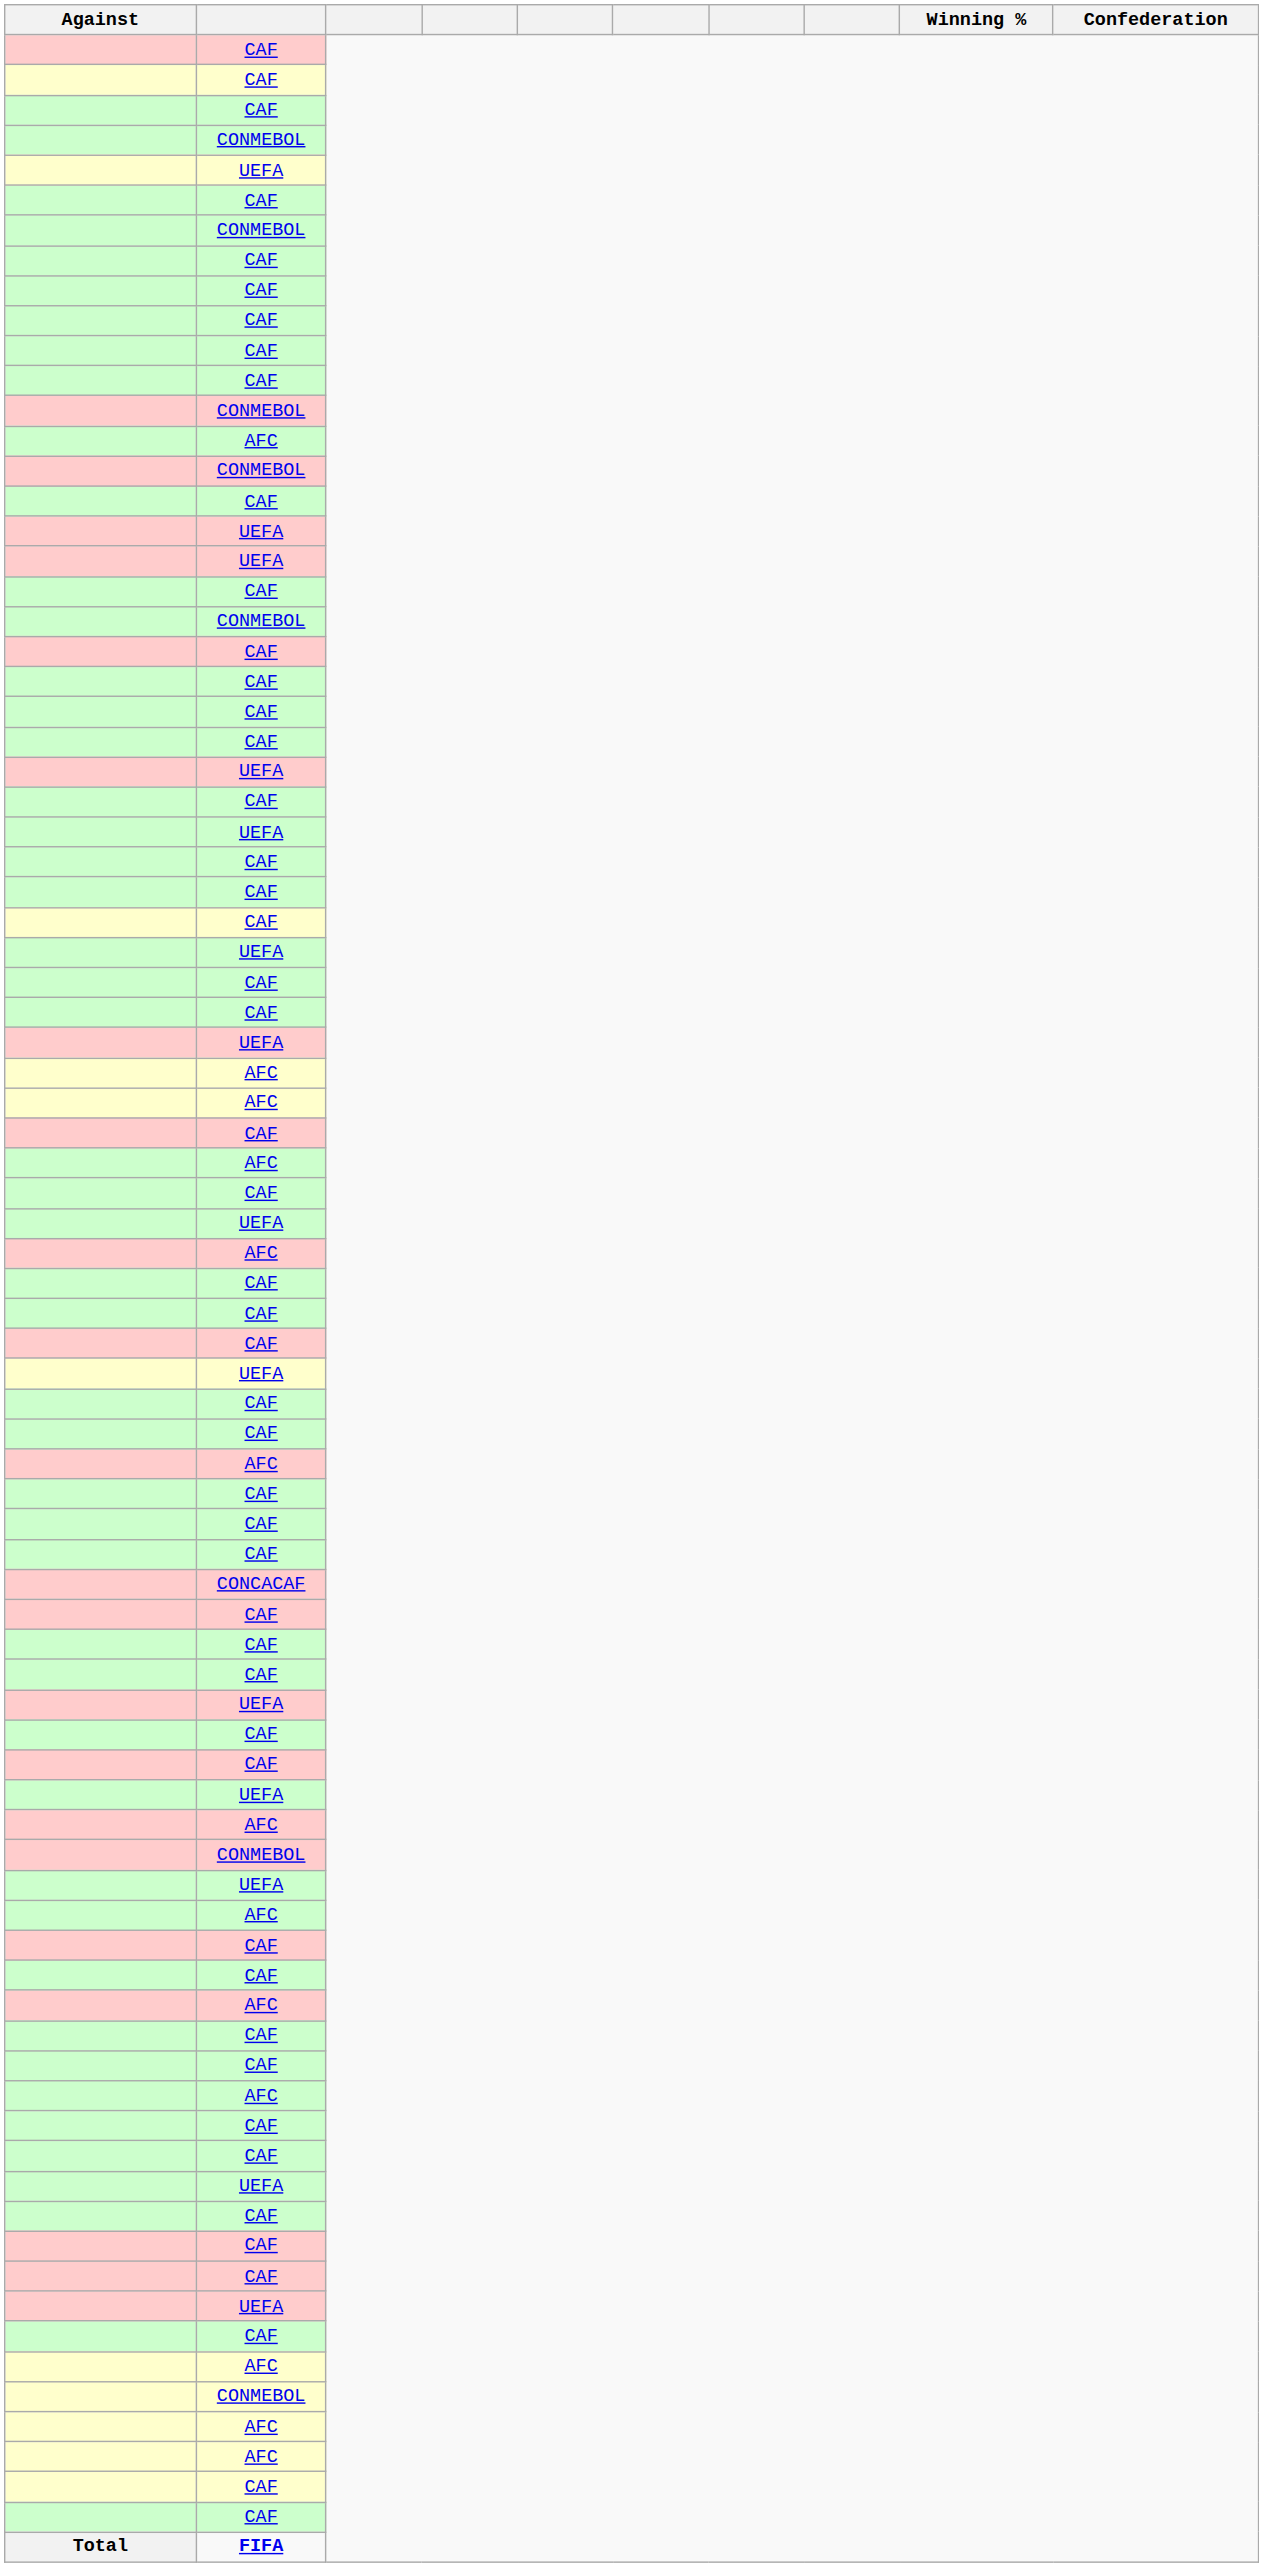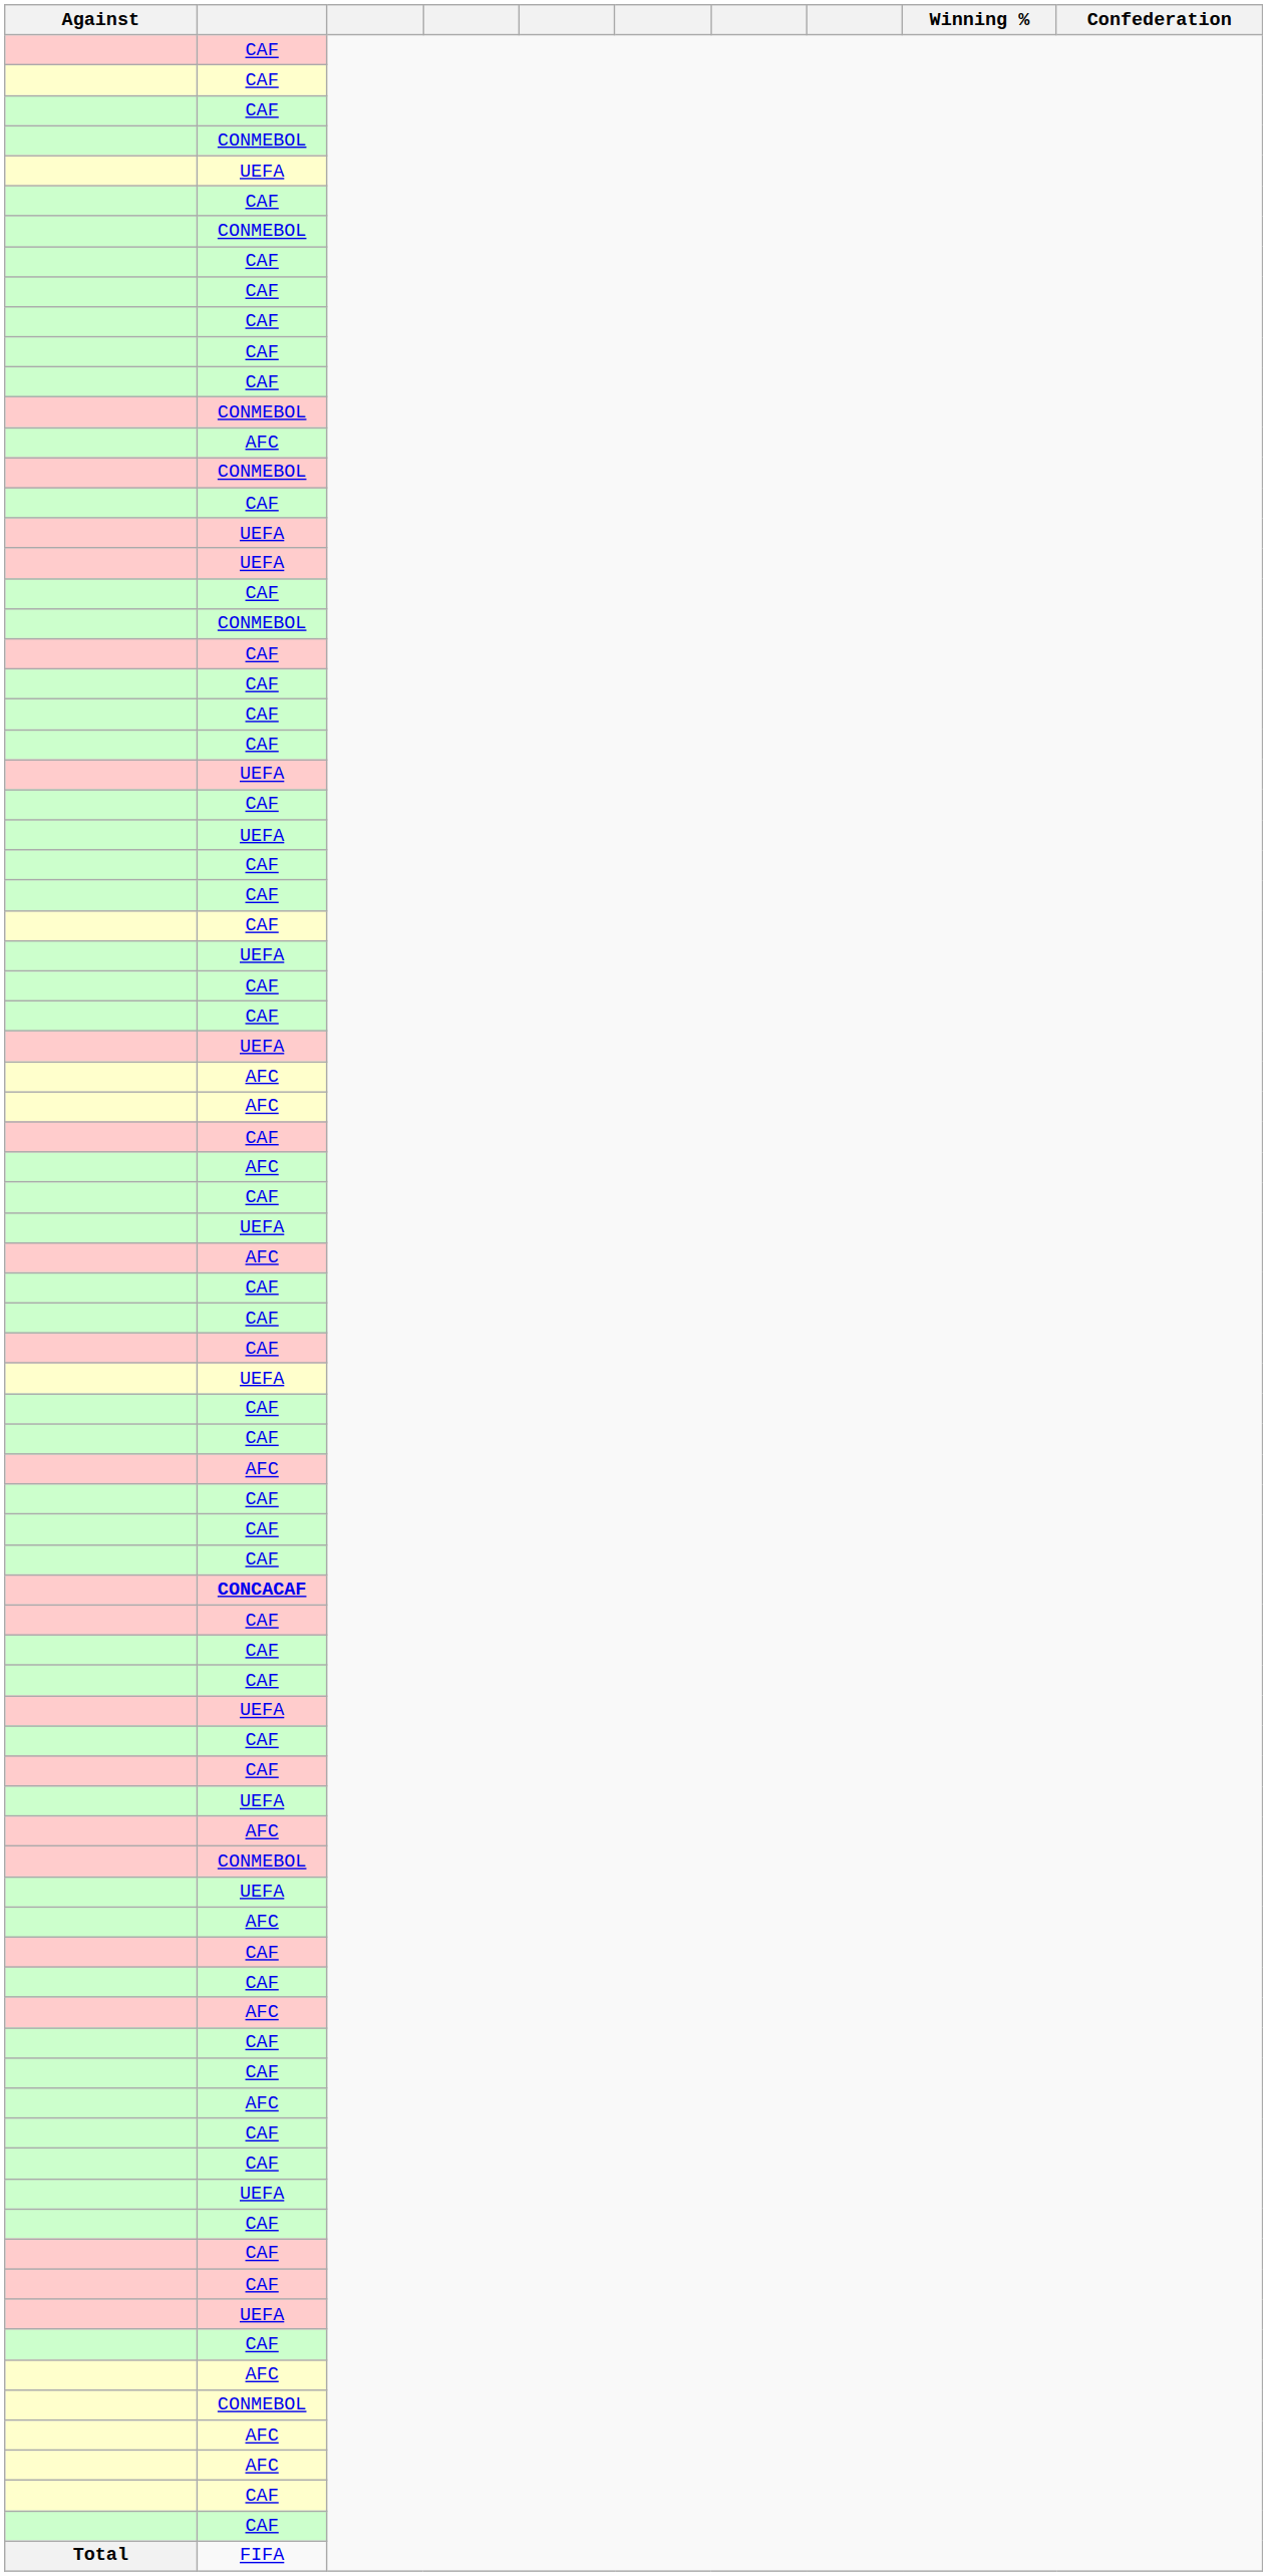 <table class="wikitable sortable collapsible collapsed" style="text-align: center; font-size: 100%;" width="100%">
 <tr>
 <th width=10%>Against</th>
 <th width=5%></th>
 <th width=5%></th>
 <th width=5%></th>
 <th width=5%></th>
 <th width=5%></th>
 <th width=5%></th>
 <th width=5%></th>
 <th width=8%>Winning %</th>
 <th width=8%>Confederation</th>
 </tr>
 <tr bgcolor=FFCCCC>
 <td align=left><br></td>
 <td><a href='#'>CAF</a></td>
 </tr>
 <tr bgcolor=FFFFCC>
 <td align=left><br></td>
 <td><a href='#'>CAF</a></td>
 </tr>
 <tr bgcolor=CCFFCC>
 <td align=left><br></td>
 <td><a href='#'>CAF</a></td>
 </tr>
 <tr bgcolor=CCFFCC>
 <td align=left><br></td>
 <td><a href='#'>CONMEBOL</a></td>
 </tr>
 <tr bgcolor=FFFFCC>
 <td align=left><br></td>
 <td><a href='#'>UEFA</a></td>
 </tr>
 <tr bgcolor=CCFFCC>
 <td align=left><br></td>
 <td><a href='#'>CAF</a></td>
 </tr>
 <tr bgcolor=CCFFCC>
 <td align=left><br></td>
 <td><a href='#'>CONMEBOL</a></td>
 </tr>
 <tr bgcolor=CCFFCC>
 <td align=left><br></td>
 <td><a href='#'>CAF</a></td>
 </tr>
 <tr bgcolor=CCFFCC>
 <td align=left><br></td>
 <td><a href='#'>CAF</a></td>
 </tr>
 <tr bgcolor=CCFFCC>
 <td align=left><br></td>
 <td><a href='#'>CAF</a></td>
 </tr>
 <tr bgcolor=CCFFCC>
 <td align=left><br></td>
 <td><a href='#'>CAF</a></td>
 </tr>
 <tr bgcolor=CCFFCC>
 <td align=left><br></td>
 <td><a href='#'>CAF</a></td>
 </tr>
 <tr bgcolor=FFCCCC>
 <td align=left><br></td>
 <td><a href='#'>CONMEBOL</a></td>
 </tr>
 <tr bgcolor=CCFFCC>
 <td align=left><br></td>
 <td><a href='#'>AFC</a></td>
 </tr>
 <tr bgcolor=FFCCCC>
 <td align=left><br></td>
 <td><a href='#'>CONMEBOL</a></td>
 </tr>
 <tr bgcolor=CCFFCC>
 <td align=left><br></td>
 <td><a href='#'>CAF</a></td>
 </tr>
 <tr bgcolor=FFCCCC>
 <td align=left><br></td>
 <td><a href='#'>UEFA</a></td>
 </tr>
 <tr bgcolor=FFCCCC>
 <td align=left><br></td>
 <td><a href='#'>UEFA</a></td>
 </tr>
 <tr bgcolor=CCFFCC>
 <td align=left><br></td>
 <td><a href='#'>CAF</a></td>
 </tr>
 <tr bgcolor=CCFFCC>
 <td align=left><br></td>
 <td><a href='#'>CONMEBOL</a></td>
 </tr>
 <tr bgcolor=FFCCCC>
 <td align=left><br></td>
 <td><a href='#'>CAF</a></td>
 </tr>
 <tr bgcolor=CCFFCC>
 <td align=left><br></td>
 <td><a href='#'>CAF</a></td>
 </tr>
 <tr bgcolor=CCFFCC>
 <td align=left><br></td>
 <td><a href='#'>CAF</a></td>
 </tr>
 <tr bgcolor=CCFFCC>
 <td align=left><br></td>
 <td><a href='#'>CAF</a></td>
 </tr>
 <tr bgcolor=FFCCCC>
 <td align=left><br></td>
 <td><a href='#'>UEFA</a></td>
 </tr>
 <tr bgcolor=CCFFCC>
 <td align=left><br></td>
 <td><a href='#'>CAF</a></td>
 </tr>
 <tr bgcolor=CCFFCC>
 <td align=left><br></td>
 <td><a href='#'>UEFA</a></td>
 </tr>
 <tr bgcolor=CCFFCC>
 <td align=left><br></td>
 <td><a href='#'>CAF</a></td>
 </tr>
 <tr bgcolor=CCFFCC>
 <td align=left><br></td>
 <td><a href='#'>CAF</a></td>
 </tr>
 <tr bgcolor=FFFFCC>
 <td align=left><br></td>
 <td><a href='#'>CAF</a></td>
 </tr>
 <tr bgcolor=CCFFCC>
 <td align=left><br></td>
 <td><a href='#'>UEFA</a></td>
 </tr>
 <tr bgcolor=CCFFCC>
 <td align=left><br></td>
 <td><a href='#'>CAF</a></td>
 </tr>
 <tr bgcolor=CCFFCC>
 <td align=left><br></td>
 <td><a href='#'>CAF</a></td>
 </tr>
 <tr bgcolor=FFCCCC>
 <td align=left><br></td>
 <td><a href='#'>UEFA</a></td>
 </tr>
 <tr bgcolor=FFFFCC>
 <td align=left><br></td>
 <td><a href='#'>AFC</a></td>
 </tr>
 <tr bgcolor=FFFFCC>
 <td align=left><br></td>
 <td><a href='#'>AFC</a></td>
 </tr>
 <tr bgcolor=FFCCCC>
 <td align=left><br></td>
 <td><a href='#'>CAF</a></td>
 </tr>
 <tr bgcolor=CCFFCC>
 <td align=left><br></td>
 <td><a href='#'>AFC</a></td>
 </tr>
 <tr bgcolor=CCFFCC>
 <td align=left><br></td>
 <td><a href='#'>CAF</a></td>
 </tr>
 <tr bgcolor=CCFFCC>
 <td align=left><br></td>
 <td><a href='#'>UEFA</a></td>
 </tr>
 <tr bgcolor=FFCCCC>
 <td align=left><br></td>
 <td><a href='#'>AFC</a></td>
 </tr>
 <tr bgcolor=CCFFCC>
 <td align=left><br></td>
 <td><a href='#'>CAF</a></td>
 </tr>
 <tr bgcolor=CCFFCC>
 <td align=left><br></td>
 <td><a href='#'>CAF</a></td>
 </tr>
 <tr bgcolor=FFCCCC>
 <td align=left><br></td>
 <td><a href='#'>CAF</a></td>
 </tr>
 <tr bgcolor=FFFFCC>
 <td align=left><br></td>
 <td><a href='#'>UEFA</a></td>
 </tr>
 <tr bgcolor=CCFFCC>
 <td align=left><br></td>
 <td><a href='#'>CAF</a></td>
 </tr>
 <tr bgcolor=CCFFCC>
 <td align=left><br></td>
 <td><a href='#'>CAF</a></td>
 </tr>
 <tr bgcolor=FFCCCC>
 <td align=left><br></td>
 <td><a href='#'>AFC</a></td>
 </tr>
 <tr bgcolor=CCFFCC>
 <td align=left><br></td>
 <td><a href='#'>CAF</a></td>
 </tr>
 <tr bgcolor=CCFFCC>
 <td align=left><br></td>
 <td><a href='#'>CAF</a></td>
 </tr>
 <tr bgcolor=CCFFCC>
 <td align=left><br></td>
 <td><a href='#'>CAF</a></td>
 </tr>
 <tr bgcolor=FFCCCC>
 <td align=left><br></td>
-<td><a href='#'>CONCACAF</a></td>
+<td><strong><a href='#'>CONCACAF</a></strong></td>
 </tr>
 <tr bgcolor=FFCCCC>
 <td align=left><br></td>
 <td><a href='#'>CAF</a></td>
 </tr>
 <tr bgcolor=CCFFCC>
 <td align=left><br></td>
 <td><a href='#'>CAF</a></td>
 </tr>
 <tr bgcolor=CCFFCC>
 <td align=left><br></td>
 <td><a href='#'>CAF</a></td>
 </tr>
 <tr bgcolor=FFCCCC>
 <td align=left><br></td>
 <td><a href='#'>UEFA</a></td>
 </tr>
 <tr bgcolor=CCFFCC>
 <td align=left><br></td>
 <td><a href='#'>CAF</a></td>
 </tr>
 <tr bgcolor=FFCCCC>
 <td align=left><br></td>
 <td><a href='#'>CAF</a></td>
 </tr>
 <tr bgcolor=CCFFCC>
 <td align=left><br></td>
 <td><a href='#'>UEFA</a></td>
 </tr>
 <tr bgcolor=FFCCCC>
 <td align=left><br></td>
 <td><a href='#'>AFC</a></td>
 </tr>
 <tr bgcolor=FFCCCC>
 <td align=left><br></td>
 <td><a href='#'>CONMEBOL</a></td>
 </tr>
 <tr bgcolor=CCFFCC>
 <td align=left><br></td>
 <td><a href='#'>UEFA</a></td>
 </tr>
 <tr bgcolor=CCFFCC>
 <td align=left><br></td>
 <td><a href='#'>AFC</a></td>
 </tr>
 <tr bgcolor=FFCCCC>
 <td align=left><em></em><br></td>
 <td><a href='#'>CAF</a></td>
 </tr>
 <tr bgcolor=CCFFCC>
 <td align=left><br></td>
 <td><a href='#'>CAF</a></td>
 </tr>
 <tr bgcolor=FFCCCC>
 <td align=left><br></td>
 <td><a href='#'>AFC</a></td>
 </tr>
 <tr bgcolor=CCFFCC>
 <td align=left><br></td>
 <td><a href='#'>CAF</a></td>
 </tr>
 <tr bgcolor=CCFFCC>
 <td align=left><br></td>
 <td><a href='#'>CAF</a></td>
 </tr>
 <tr bgcolor=CCFFCC>
 <td align=left><br></td>
 <td><a href='#'>AFC</a></td>
 </tr>
 <tr bgcolor=CCFFCC>
 <td align=left><br></td>
 <td><a href='#'>CAF</a></td>
 </tr>
 <tr bgcolor=CCFFCC>
 <td align=left><br></td>
 <td><a href='#'>CAF</a></td>
 </tr>
 <tr bgcolor=CCFFCC>
 <td align=left><br></td>
 <td><a href='#'>UEFA</a></td>
 </tr>
 <tr bgcolor=CCFFCC>
 <td align=left><br></td>
 <td><a href='#'>CAF</a></td>
 </tr>
 <tr bgcolor=FFCCCC>
 <td align=left><br></td>
 <td><a href='#'>CAF</a></td>
 </tr>
 <tr bgcolor=FFCCCC>
 <td align=left><br></td>
 <td><a href='#'>CAF</a></td>
 </tr>
 <tr bgcolor=FFCCCC>
 <td align=left><br></td>
 <td><a href='#'>UEFA</a></td>
 </tr>
 <tr bgcolor=CCFFCC>
 <td align=left><br></td>
 <td><a href='#'>CAF</a></td>
 </tr>
 <tr bgcolor=FFFFCC>
 <td align=left><br></td>
 <td><a href='#'>AFC</a></td>
 </tr>
 <tr bgcolor=FFFFCC>
 <td align=left><br></td>
 <td><a href='#'>CONMEBOL</a></td>
 </tr>
 <tr bgcolor=FFFFCC>
 <td align=left><br></td>
 <td><a href='#'>AFC</a></td>
 </tr>
 <tr bgcolor=FFFFCC>
 <td align=left><br></td>
 <td><a href='#'>AFC</a></td>
 </tr>
 <tr bgcolor=FFFFCC>
 <td align=left><br></td>
 <td><a href='#'>CAF</a></td>
 </tr>
 <tr bgcolor=CCFFCC>
 <td align=left><br></td>
 <td><a href='#'>CAF</a></td>
 </tr>
 <tr class="sortbottom">
 <th align=center>Total<br></th>
-<td !bgcolor=white><strong><a href='#'>FIFA</a></strong></td>
+<td !bgcolor=white><a href='#'>FIFA</a></td>
 </tr>
 </table>
